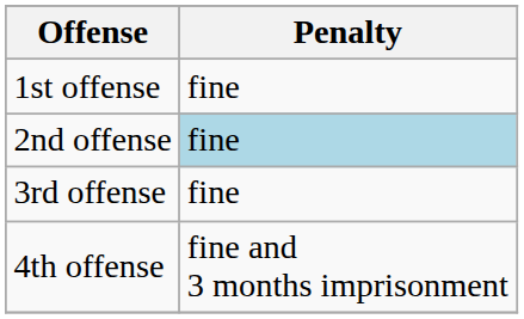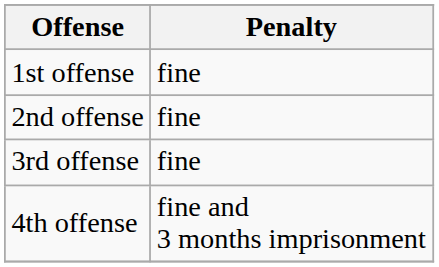 <table class="wikitable" font-size: 100%;">
 <tr style="color:black;">
 </tr>
 <tr>
 <th>Offense</th>
 <th>Penalty</th>
 </tr>
 <tr>
 <td>1st offense</td>
 <td> fine</td>
 </tr>
 <tr>
 <td>2nd offense</td>
-<td style="background: lightblue;"> fine</td>
+<td> fine</td>
 </tr>
 <tr>
 <td>3rd offense</td>
 <td> fine</td>
 </tr>
 <tr>
 <td>4th offense</td>
 <td> fine and<br>3 months imprisonment</td>
 </tr>
 <tr>
 </tr>
 </table>
